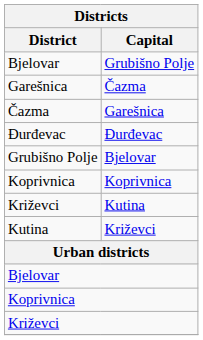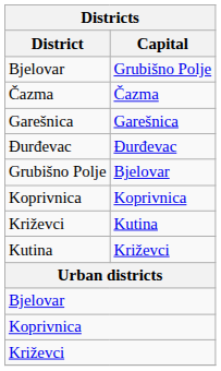 <table class="wikitable">
 <tr>
 <th colspan=2>Districts</th>
 </tr>
 <tr>
 <th>District</th>
 <th>Capital</th>
 </tr>
 <tr>
 <td>Bjelovar</td>
 <td><a href='#'>Grubišno Polje</a></td>
 </tr>
 <tr>
-<td>Garešnica</td>
+<td>Čazma</td>
 <td><a href='#'>Čazma</a></td>
 </tr>
 <tr>
-<td>Čazma</td>
+<td>Garešnica</td>
 <td><a href='#'>Garešnica</a></td>
 </tr>
 <tr>
 <td>Đurđevac</td>
 <td><a href='#'>Đurđevac</a></td>
 </tr>
 <tr>
 <td>Grubišno Polje</td>
 <td><a href='#'>Bjelovar</a></td>
 </tr>
 <tr>
 <td>Koprivnica</td>
 <td><a href='#'>Koprivnica</a></td>
 </tr>
 <tr>
 <td>Križevci</td>
 <td><a href='#'>Kutina</a></td>
 </tr>
 <tr>
 <td>Kutina</td>
 <td><a href='#'>Križevci</a></td>
 </tr>
 <tr>
 <th colspan=2>Urban districts</th>
 </tr>
 <tr>
 <td colspan=2><a href='#'>Bjelovar</a></td>
 </tr>
 <tr>
 <td colspan=2><a href='#'>Koprivnica</a></td>
 </tr>
 <tr>
 <td colspan=2><a href='#'>Križevci</a></td>
 </tr>
 <tr>
 </tr>
 </table>
